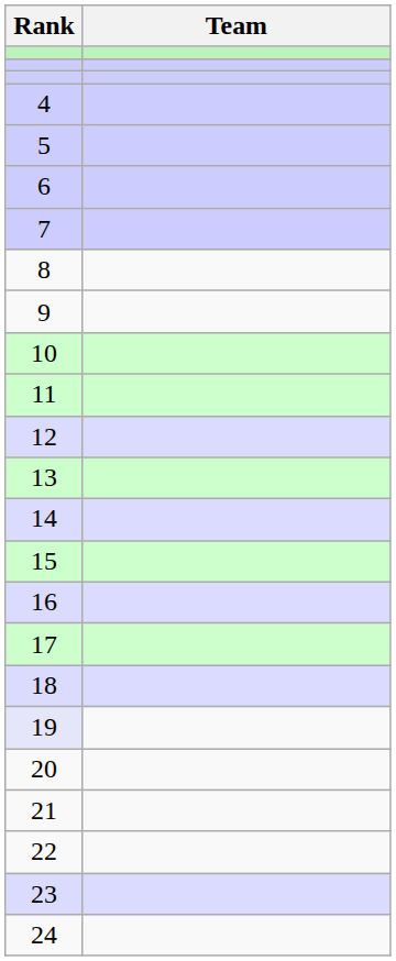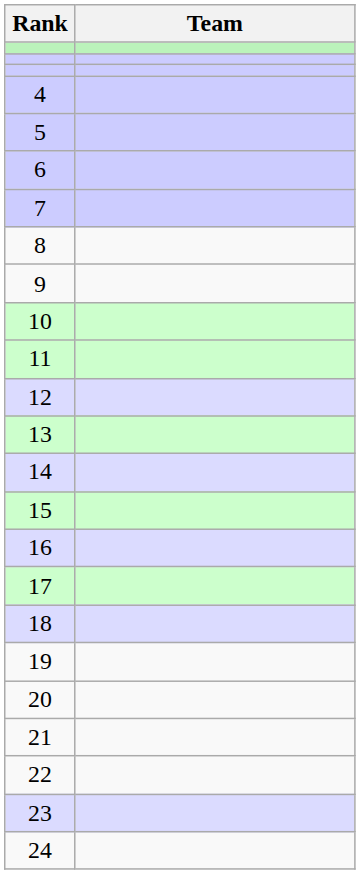 <table class="wikitable">
 <tr>
 <th style="width: 40px;">Rank</th>
 <th style="width: 180px;">Team</th>
 </tr>
 <tr style="background: #BBF3BB;">
 <td style="text-align: center;"></td>
 <td></td>
 </tr>
 <tr style="background: #CCCCFF;">
 <td style="text-align: center;"></td>
 <td></td>
 </tr>
 <tr style="background: #CCCCFF;">
 <td style="text-align: center;"></td>
 <td></td>
 </tr>
 <tr style="background: #CCCCFF;">
 <td style="text-align: center;">4</td>
 <td></td>
 </tr>
 <tr style="background: #CCCCFF;">
 <td style="text-align: center;">5</td>
 <td></td>
 </tr>
 <tr style="background: #CCCCFF;">
 <td style="text-align: center;">6</td>
 <td></td>
 </tr>
 <tr style="background: #CCCCFF;">
 <td style="text-align: center;">7</td>
 <td></td>
 </tr>
 <tr>
 <td style="text-align: center;">8</td>
 <td></td>
 </tr>
 <tr>
 <td style="text-align: center;">9</td>
 <td></td>
 </tr>
 <tr style="background: #CCFFCC;">
 <td style="text-align: center;">10</td>
 <td></td>
 </tr>
 <tr style="background: #CCFFCC;">
 <td style="text-align: center;">11</td>
 <td></td>
 </tr>
 <tr style="background: #DBDBFF;">
 <td style="text-align: center;">12</td>
 <td></td>
 </tr>
 <tr style="background: #CCFFCC;">
 <td style="text-align: center;">13</td>
 <td></td>
 </tr>
 <tr style="background: #DBDBFF;">
 <td style="text-align: center;">14</td>
 <td></td>
 </tr>
 <tr style="background: #CCFFCC;">
 <td style="text-align: center;">15</td>
 <td></td>
 </tr>
 <tr style="background: #DBDBFF;">
 <td style="text-align: center;">16</td>
 <td></td>
 </tr>
 <tr style="background: #CCFFCC;">
 <td style="text-align: center;">17</td>
 <td></td>
 </tr>
 <tr style="background: #DBDBFF;">
 <td style="text-align: center;">18</td>
 <td></td>
 </tr>
 <tr>
-<td style="background: lavender; text-align: center;">19</td>
+<td style="text-align: center;">19</td>
 <td></td>
 </tr>
 <tr>
 <td style="text-align: center;">20</td>
 <td></td>
 </tr>
 <tr>
 <td style="text-align: center;">21</td>
 <td></td>
 </tr>
 <tr>
 <td style="text-align: center;">22</td>
 <td></td>
 </tr>
 <tr style="background: #DBDBFF;">
 <td style="text-align: center;">23</td>
 <td></td>
 </tr>
 <tr>
 <td style="text-align: center;">24</td>
 <td></td>
 </tr>
 </table>
